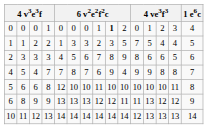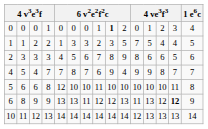 <table class="wikitable" style="font-size:small; margin:0; padding:0;">
 <tr>
 <th colspan=4>4 v<sup>3</sup>e<sup>3</sup>f</th>
 <th colspan=6>6 v<sup>2</sup>e<sup>2</sup>f<sup>2</sup>c</th>
 <th colspan=4>4 ve<sup>3</sup>f<sup>3</sup></th>
 <th>1 e<sup>6</sup>c</th>
 </tr>
 <tr align=center>
 <td>0</td>
 <td>0</td>
 <td>0</td>
 <td>1</td>
 <td>0</td>
 <td>0</td>
 <td>0</td>
 <td>1</td>
 <td><strong>1</strong></td>
 <td>2</td>
 <td>0</td>
 <td>1</td>
 <td>2</td>
 <td>3</td>
 <td>4</td>
 </tr>
 <tr align=center>
 <td>1</td>
 <td>1</td>
 <td>2</td>
 <td>2</td>
 <td>1</td>
 <td>3</td>
 <td>3</td>
 <td>2</td>
 <td>3</td>
 <td>5</td>
 <td>7</td>
 <td>5</td>
 <td>4</td>
 <td>4</td>
 <td>5</td>
 </tr>
 <tr align=center>
 <td>2</td>
 <td>3</td>
 <td>3</td>
 <td>3</td>
 <td>4</td>
 <td>5</td>
 <td>6</td>
 <td>7</td>
 <td>8</td>
 <td>9</td>
 <td>8</td>
 <td>6</td>
 <td>6</td>
 <td>5</td>
 <td>6</td>
 </tr>
 <tr align=center>
 <td>4</td>
 <td>5</td>
 <td>4</td>
 <td>7</td>
 <td>7</td>
 <td>8</td>
 <td>7</td>
 <td>6</td>
 <td>9</td>
 <td>4</td>
 <td>9</td>
 <td>9</td>
 <td>8</td>
-<td>8</td>
+<td>7</td>
 <td>7</td>
 </tr>
 <tr align=center>
 <td>5</td>
 <td>6</td>
 <td>6</td>
 <td>8</td>
 <td>12</td>
 <td>10</td>
 <td>10</td>
 <td>11</td>
 <td>10</td>
 <td>10</td>
 <td>10</td>
 <td>10</td>
 <td>10</td>
 <td>11</td>
 <td>8</td>
 </tr>
 <tr align=center>
 <td>6</td>
 <td>8</td>
 <td>9</td>
 <td>9</td>
 <td>13</td>
 <td>13</td>
-<td>13</td>
+<td>11</td>
 <td>12</td>
 <td>12</td>
-<td>11</td>
+<td>13</td>
 <td>11</td>
 <td>13</td>
 <td>12</td>
-<td>12</td>
+<td><strong>12</strong></td>
 <td>9</td>
 </tr>
 <tr align=center>
 <td>10</td>
 <td>11</td>
 <td>12</td>
 <td>13</td>
 <td>14</td>
 <td>14</td>
 <td>14</td>
 <td>14</td>
 <td>14</td>
 <td>14</td>
 <td>12</td>
 <td>13</td>
 <td>13</td>
 <td>13</td>
 <td>14</td>
 </tr>
 </table>
